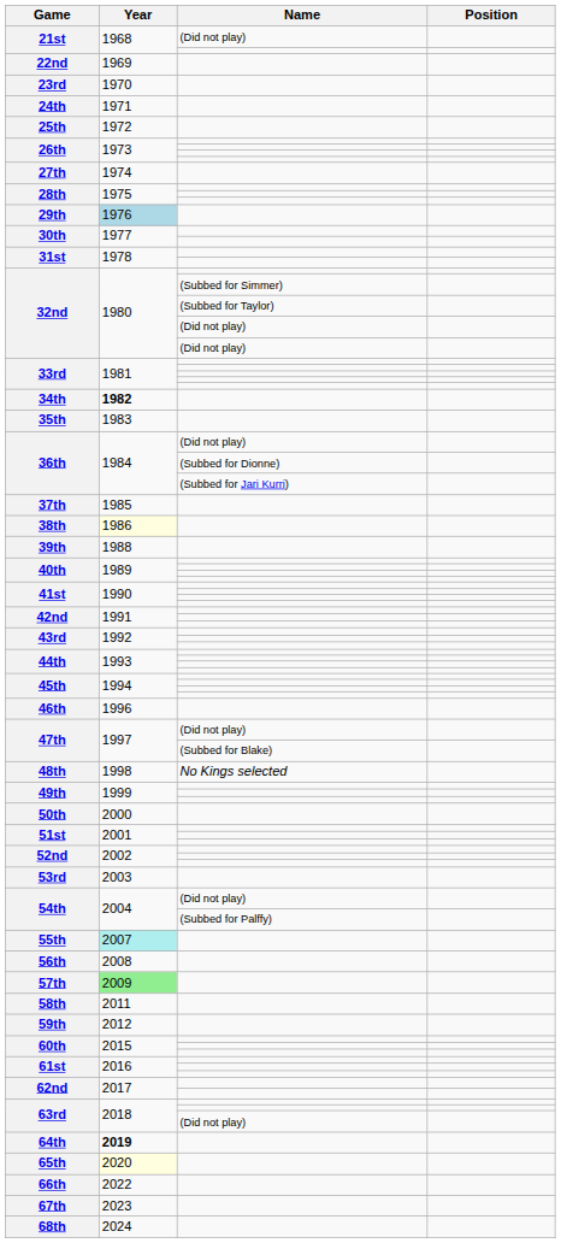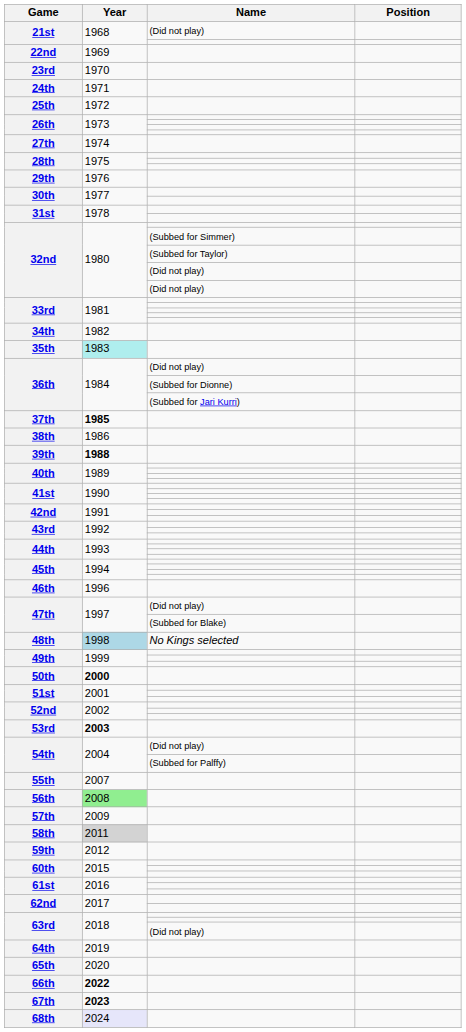 <table class="wikitable sortable" width="75%">
 <tr>
 <th scope="col">Game</th>
 <th scope="col">Year</th>
 <th scope="col">Name</th>
 <th scope="col">Position</th>
 </tr>
 <tr>
 <th scope="row" rowspan="2"><a href='#'>21st</a></th>
 <td rowspan="2">1968</td>
 <td> <small>(Did not play)</small></td>
 <td></td>
 </tr>
 <tr>
 <td></td>
 <td></td>
 </tr>
 <tr>
 <th scope="row"><a href='#'>22nd</a></th>
 <td>1969</td>
 <td></td>
 <td></td>
 </tr>
 <tr>
 <th scope="row"><a href='#'>23rd</a></th>
 <td>1970</td>
 <td></td>
 <td></td>
 </tr>
 <tr>
 <th scope="row"><a href='#'>24th</a></th>
 <td>1971</td>
 <td></td>
 <td></td>
 </tr>
 <tr>
 <th scope="row"><a href='#'>25th</a></th>
 <td>1972</td>
 <td></td>
 <td></td>
 </tr>
 <tr>
 <th scope="row" rowspan="4"><a href='#'>26th</a></th>
 <td rowspan="4">1973</td>
 <td></td>
 <td></td>
 </tr>
 <tr>
 <td></td>
 <td></td>
 </tr>
 <tr>
 <td></td>
 <td></td>
 </tr>
 <tr>
 <td></td>
 <td></td>
 </tr>
 <tr>
 <th scope="row"><a href='#'>27th</a></th>
 <td>1974</td>
 <td></td>
 <td></td>
 </tr>
 <tr>
 <th scope="row" rowspan="3"><a href='#'>28th</a></th>
 <td rowspan="3">1975</td>
 <td></td>
 <td></td>
 </tr>
 <tr>
 <td></td>
 <td></td>
 </tr>
 <tr>
 <td></td>
 <td></td>
 </tr>
 <tr>
 <th scope="row"><a href='#'>29th</a></th>
-<td style="background: lightblue;">1976</td>
+<td>1976</td>
 <td></td>
 <td></td>
 </tr>
 <tr>
 <th scope="row" rowspan="2"><a href='#'>30th</a></th>
 <td rowspan="2">1977</td>
 <td></td>
 <td></td>
 </tr>
 <tr>
 <td></td>
 <td></td>
 </tr>
 <tr>
 <th scope="row" rowspan="2"><a href='#'>31st</a></th>
 <td rowspan="2">1978</td>
 <td></td>
 <td></td>
 </tr>
 <tr>
 <td></td>
 <td></td>
 </tr>
 <tr>
 <th scope="row" rowspan="5"><a href='#'>32nd</a></th>
 <td rowspan="5">1980</td>
 <td></td>
 <td></td>
 </tr>
 <tr>
 <td> <small>(Subbed for Simmer)</small></td>
 <td></td>
 </tr>
 <tr>
 <td> <small>(Subbed for Taylor)</small></td>
 <td></td>
 </tr>
 <tr>
 <td> <small>(Did not play)</small></td>
 <td></td>
 </tr>
 <tr>
 <td> <small>(Did not play)</small></td>
 <td></td>
 </tr>
 <tr>
 <th scope="row" rowspan="5"><a href='#'>33rd</a></th>
 <td rowspan="5">1981</td>
 <td></td>
 <td></td>
 </tr>
 <tr>
 <td></td>
 <td></td>
 </tr>
 <tr>
 <td></td>
 <td></td>
 </tr>
 <tr>
 <td></td>
 <td></td>
 </tr>
 <tr>
 <td></td>
 <td></td>
 </tr>
 <tr>
 <th scope="row"><a href='#'>34th</a></th>
-<td><strong>1982</strong></td>
+<td>1982</td>
 <td></td>
 <td></td>
 </tr>
 <tr>
 <th scope="row"><a href='#'>35th</a></th>
-<td>1983</td>
+<td style="background: paleturquoise;">1983</td>
 <td></td>
 <td></td>
 </tr>
 <tr>
 <th scope="row" rowspan="3"><a href='#'>36th</a></th>
 <td rowspan="3">1984</td>
 <td> <small>(Did not play)</small></td>
 <td></td>
 </tr>
 <tr>
 <td> <small>(Subbed for Dionne)</small></td>
 <td></td>
 </tr>
 <tr>
 <td> <small>(Subbed for <a href='#'>Jari Kurri</a>)</small></td>
 <td></td>
 </tr>
 <tr>
 <th scope="row"><a href='#'>37th</a></th>
-<td>1985</td>
+<td><strong>1985</strong></td>
 <td></td>
 <td></td>
 </tr>
 <tr>
 <th scope="row"><a href='#'>38th</a></th>
-<td style="background: lightyellow;">1986</td>
+<td>1986</td>
 <td></td>
 <td></td>
 </tr>
 <tr>
 <th scope="row"><a href='#'>39th</a></th>
-<td>1988</td>
+<td><strong>1988</strong></td>
 <td></td>
 <td></td>
 </tr>
 <tr>
 <th scope="row" rowspan="4"><a href='#'>40th</a></th>
 <td rowspan="4">1989</td>
 <td></td>
 <td></td>
 </tr>
 <tr>
 <td></td>
 <td></td>
 </tr>
 <tr>
 <td></td>
 <td></td>
 </tr>
 <tr>
 <td></td>
 <td></td>
 </tr>
 <tr>
 <th scope="row" rowspan="4"><a href='#'>41st</a></th>
 <td rowspan="4">1990</td>
 <td></td>
 <td></td>
 </tr>
 <tr>
 <td></td>
 <td></td>
 </tr>
 <tr>
 <td></td>
 <td></td>
 </tr>
 <tr>
 <td></td>
 <td></td>
 </tr>
 <tr>
 <th scope="row" rowspan="3"><a href='#'>42nd</a></th>
 <td rowspan="3">1991</td>
 <td></td>
 <td></td>
 </tr>
 <tr>
 <td></td>
 <td></td>
 </tr>
 <tr>
 <td></td>
 <td></td>
 </tr>
 <tr>
 <th scope="row" rowspan="3"><a href='#'>43rd</a></th>
 <td rowspan="3">1992</td>
 <td></td>
 <td></td>
 </tr>
 <tr>
 <td></td>
 <td></td>
 </tr>
 <tr>
 <td></td>
 <td></td>
 </tr>
 <tr>
 <th scope="row" rowspan="4"><a href='#'>44th</a></th>
 <td rowspan="4">1993</td>
 <td></td>
 <td></td>
 </tr>
 <tr>
 <td></td>
 <td></td>
 </tr>
 <tr>
 <td></td>
 <td></td>
 </tr>
 <tr>
 <td></td>
 <td></td>
 </tr>
 <tr>
 <th scope="row" rowspan="4"><a href='#'>45th</a></th>
 <td rowspan="4">1994</td>
 <td></td>
 <td></td>
 </tr>
 <tr>
 <td></td>
 <td></td>
 </tr>
 <tr>
 <td></td>
 <td></td>
 </tr>
 <tr>
 <td></td>
 <td></td>
 </tr>
 <tr>
 <th scope="row"><a href='#'>46th</a></th>
 <td>1996</td>
 <td></td>
 <td></td>
 </tr>
 <tr>
 <th scope="row" rowspan="2"><a href='#'>47th</a></th>
 <td rowspan="2">1997</td>
 <td> <small>(Did not play)</small></td>
 <td></td>
 </tr>
 <tr>
 <td> <small>(Subbed for Blake)</small></td>
 <td></td>
 </tr>
 <tr>
 <th scope="row"><a href='#'>48th</a></th>
-<td>1998</td>
+<td style="background: lightblue;">1998</td>
 <td><em>No Kings selected</em></td>
 <td></td>
 </tr>
 <tr>
 <th scope="row" rowspan="3"><a href='#'>49th</a></th>
 <td rowspan="3">1999</td>
 <td></td>
 <td></td>
 </tr>
 <tr>
 <td></td>
 <td></td>
 </tr>
 <tr>
 <td></td>
 <td></td>
 </tr>
 <tr>
 <th scope="row"><a href='#'>50th</a></th>
-<td>2000</td>
+<td><strong>2000</strong></td>
 <td></td>
 <td></td>
 </tr>
 <tr>
 <th scope="row" rowspan="3"><a href='#'>51st</a></th>
 <td rowspan="3">2001</td>
 <td></td>
 <td></td>
 </tr>
 <tr>
 <td></td>
 <td></td>
 </tr>
 <tr>
 <td></td>
 <td></td>
 </tr>
 <tr>
 <th scope="row" rowspan="3"><a href='#'>52nd</a></th>
 <td rowspan="3">2002</td>
 <td></td>
 <td></td>
 </tr>
 <tr>
 <td></td>
 <td></td>
 </tr>
 <tr>
 <td></td>
 <td></td>
 </tr>
 <tr>
 <th scope="row"><a href='#'>53rd</a></th>
-<td>2003</td>
+<td><strong>2003</strong></td>
 <td></td>
 <td></td>
 </tr>
 <tr>
 <th scope="row" rowspan="2"><a href='#'>54th</a></th>
 <td rowspan="2">2004</td>
 <td> <small>(Did not play)</small></td>
 <td></td>
 </tr>
 <tr>
 <td> <small>(Subbed for Palffy)</small></td>
 <td></td>
 </tr>
 <tr>
 <th scope="row"><a href='#'>55th</a></th>
-<td style="background: paleturquoise;">2007</td>
+<td>2007</td>
 <td></td>
 <td></td>
 </tr>
 <tr>
 <th scope="row"><a href='#'>56th</a></th>
-<td>2008</td>
+<td style="background: lightgreen;">2008</td>
 <td></td>
 <td></td>
 </tr>
 <tr>
 <th scope="row"><a href='#'>57th</a></th>
-<td style="background: lightgreen;">2009</td>
+<td>2009</td>
 <td></td>
 <td></td>
 </tr>
 <tr>
 <th scope="row"><a href='#'>58th</a></th>
-<td>2011</td>
+<td style="background: lightgrey;">2011</td>
 <td></td>
 <td></td>
 </tr>
 <tr>
 <th scope="row"><a href='#'>59th</a></th>
 <td>2012</td>
 <td></td>
 <td></td>
 </tr>
 <tr>
 <th scope="row" rowspan="3"><a href='#'>60th</a></th>
 <td rowspan="3">2015</td>
 <td></td>
 <td></td>
 </tr>
 <tr>
 <td></td>
 <td></td>
 </tr>
 <tr>
 <td></td>
 <td></td>
 </tr>
 <tr>
 <th scope="row" rowspan="3"><a href='#'>61st</a></th>
 <td rowspan="3">2016</td>
 <td></td>
 <td></td>
 </tr>
 <tr>
 <td></td>
 <td></td>
 </tr>
 <tr>
 <td></td>
 <td></td>
 </tr>
 <tr>
 <th scope="row" rowspan="2"><a href='#'>62nd</a></th>
 <td rowspan="2">2017</td>
 <td></td>
 <td></td>
 </tr>
 <tr>
 <td></td>
 <td></td>
 </tr>
 <tr>
 <th scope="row" rowspan="3"><a href='#'>63rd</a></th>
 <td rowspan="3">2018</td>
 <td></td>
 <td></td>
 </tr>
 <tr>
 <td></td>
 <td></td>
 </tr>
 <tr>
 <td> <small>(Did not play)</small></td>
 <td></td>
 </tr>
 <tr>
 <th scope="row"><a href='#'>64th</a></th>
-<td><strong>2019</strong></td>
+<td>2019</td>
 <td></td>
 <td></td>
 </tr>
 <tr>
 <th scope="row"><a href='#'>65th</a></th>
-<td style="background: lightyellow;">2020</td>
+<td>2020</td>
 <td></td>
 <td></td>
 </tr>
 <tr>
 <th scope="row"><a href='#'>66th</a></th>
-<td>2022</td>
+<td><strong>2022</strong></td>
 <td></td>
 <td></td>
 </tr>
 <tr>
 <th scope="row"><a href='#'>67th</a></th>
-<td>2023</td>
+<td><strong>2023</strong></td>
 <td></td>
 <td></td>
 </tr>
 <tr>
 <th scope="row"><a href='#'>68th</a></th>
-<td>2024</td>
+<td style="background: lavender;">2024</td>
 <td></td>
 <td></td>
 </tr>
 </table>
